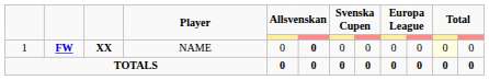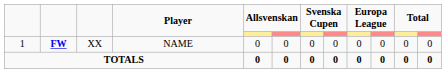 <table class="wikitable sortable" style="text-align:center;">
 <tr>
 <td rowspan="2"  style="width:50px;"><strong></strong></td>
 <td rowspan="2"  style="width:50px;"><strong></strong></td>
 <td rowspan="2"  style="width:50px;"><strong></strong></td>
 <td rowspan="2"  style="width:200px;"><strong>Player</strong></td>
 <td colspan="2"><strong>Allsvenskan</strong></td>
 <td colspan="2"><strong>Svenska Cupen</strong></td>
 <td colspan="2"><strong>Europa League</strong></td>
 <td colspan="2"><strong>Total</strong></td>
 </tr>
 <tr>
 <th style="width:30px; background:#fe9;"></th>
 <th style="width:30px; background:#ff8888;"></th>
 <th style="width:30px; background:#fe9;"></th>
 <th style="width:30px; background:#ff8888;"></th>
 <th style="width:30px; background:#fe9;"></th>
 <th style="width:30px; background:#ff8888;"></th>
 <th style="width:30px; background:#fe9;"></th>
 <th style="width:30px; background:#ff8888;"></th>
 </tr>
 <tr>
 <td rowspan=1>1</td>
 <td><strong><a href='#'>FW</a></strong></td>
-<td><strong>XX</strong></td>
+<td>XX</td>
 <td> NAME</td>
-<td>0</td>
-<td><strong>0</strong></td>
 <td>0</td>
 <td>0</td>
 <td>0</td>
 <td>0</td>
-<td style="background: lightyellow;">0</td>
+<td>0</td>
+<td>0</td>
+<td>0</td>
 <td>0</td>
 </tr>
 <tr>
 <td colspan="4"><strong>TOTALS</strong></td>
 <td><strong>0</strong></td>
 <td><strong>0</strong></td>
 <td><strong>0</strong></td>
 <td><strong>0</strong></td>
 <td><strong>0</strong></td>
 <td><strong>0</strong></td>
 <td><strong>0</strong></td>
 <td><strong>0</strong></td>
 </tr>
 </table>
